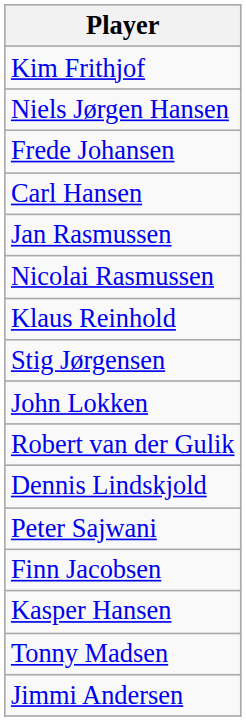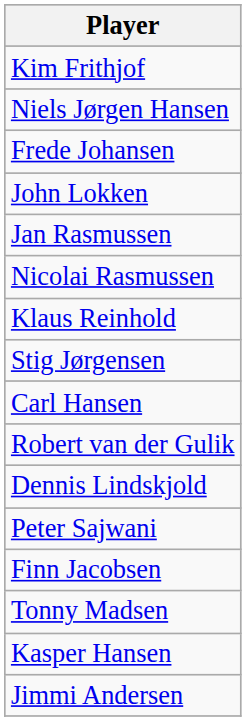 <table class="wikitable">
 <tr>
 <th>Player</th>
 </tr>
 <tr>
 <td> <a href='#'>Kim Frithjof</a></td>
 </tr>
 <tr>
 <td> <a href='#'>Niels Jørgen Hansen</a></td>
 </tr>
 <tr>
 <td> <a href='#'>Frede Johansen</a></td>
 </tr>
 <tr>
-<td> <a href='#'>Carl Hansen</a></td>
+<td> <a href='#'>John Lokken</a></td>
 </tr>
 <tr>
 <td> <a href='#'>Jan Rasmussen</a></td>
 </tr>
 <tr>
 <td> <a href='#'>Nicolai Rasmussen</a></td>
 </tr>
 <tr>
 <td> <a href='#'>Klaus Reinhold</a></td>
 </tr>
 <tr>
 <td> <a href='#'>Stig Jørgensen</a></td>
 </tr>
 <tr>
-<td> <a href='#'>John Lokken</a></td>
+<td> <a href='#'>Carl Hansen</a></td>
 </tr>
 <tr>
 <td> <a href='#'>Robert van der Gulik</a></td>
 </tr>
 <tr>
 <td> <a href='#'>Dennis Lindskjold</a></td>
 </tr>
 <tr>
 <td> <a href='#'>Peter Sajwani</a></td>
 </tr>
 <tr>
 <td> <a href='#'>Finn Jacobsen</a></td>
 </tr>
 <tr>
-<td> <a href='#'>Kasper Hansen</a></td>
+<td> <a href='#'>Tonny Madsen</a></td>
 </tr>
 <tr>
-<td> <a href='#'>Tonny Madsen</a></td>
+<td> <a href='#'>Kasper Hansen</a></td>
 </tr>
 <tr>
 <td> <a href='#'>Jimmi Andersen</a></td>
 </tr>
 </table>
